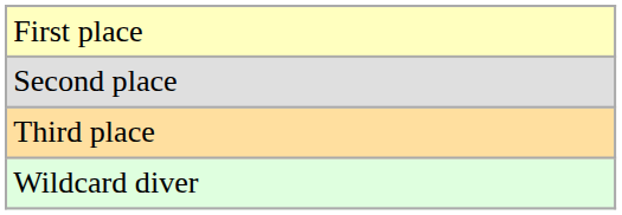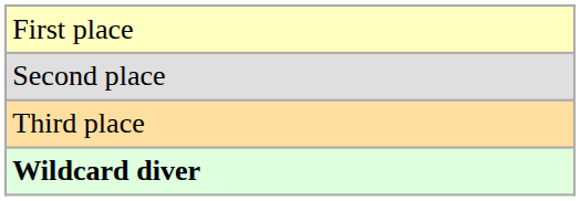 <table class=wikitable style=font-size:80%;width:20%>
 <tr bgcolor=#FFFFBF>
 <td>First place</td>
 </tr>
 <tr bgcolor=#DFDFDF>
 <td>Second place</td>
 </tr>
 <tr bgcolor=#FFDF9F>
 <td>Third place</td>
 </tr>
 <tr bgcolor=#dfffdf>
-<td>Wildcard diver</td>
+<td><strong>Wildcard diver</strong></td>
 </tr>
 </table>
